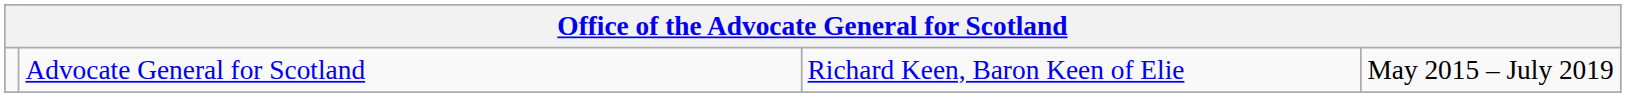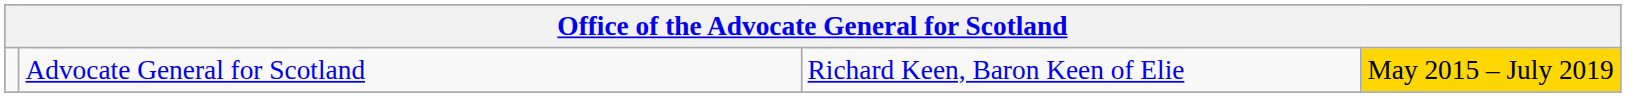 <table class="wikitable">
 <tr>
 <th colspan="4"><a href='#'>Office of the Advocate General for Scotland</a></th>
 </tr>
 <tr>
 <td style="width: 1px; background: "></td>
 <td style="width: 450px;"><a href='#'>Advocate General for Scotland</a></td>
 <td style="width: 320px;"><a href='#'>Richard Keen, Baron Keen of Elie</a></td>
-<td>May 2015 – July 2019</td>
+<td style="background: gold;">May 2015 – July 2019</td>
 </tr>
 </table>
